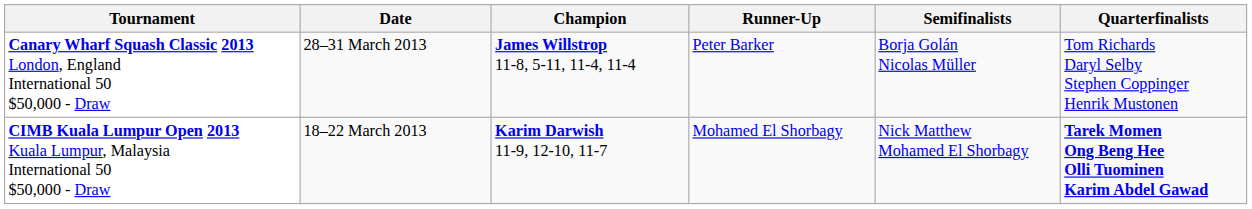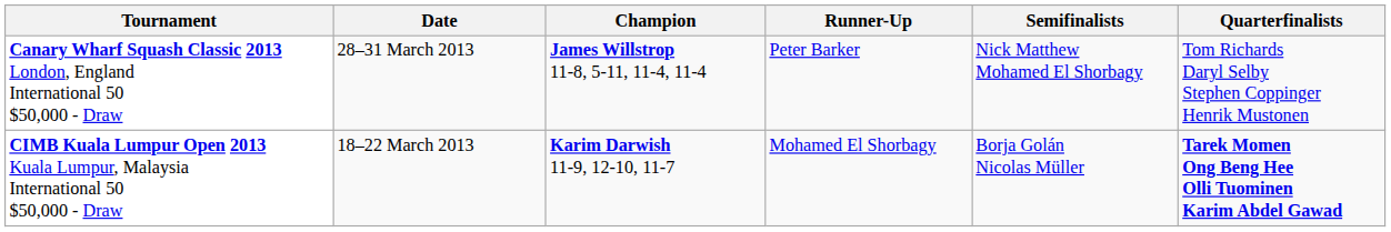 <table class="wikitable" style="font-size:88%">
 <tr>
 <th width=250>Tournament</th>
 <th width=160>Date</th>
 <th width=165>Champion</th>
 <th width=155>Runner-Up</th>
 <th width=155>Semifinalists</th>
 <th width=155>Quarterfinalists</th>
 </tr>
 <tr valign=top>
 <td style="background:#fff;"><strong><a href='#'>Canary Wharf Squash Classic</a> <a href='#'>2013</a></strong><br> <a href='#'>London</a>, England<br>International 50<br>$50,000 - <a href='#'>Draw</a></td>
 <td>28–31 March 2013</td>
 <td> <strong><a href='#'>James Willstrop</a></strong><br>11-8, 5-11, 11-4, 11-4</td>
 <td> <a href='#'>Peter Barker</a></td>
-<td> <a href='#'>Borja Golán</a><br> <a href='#'>Nicolas Müller</a></td>
+<td> <a href='#'>Nick Matthew</a><br> <a href='#'>Mohamed El Shorbagy</a></td>
 <td> <a href='#'>Tom Richards</a><br> <a href='#'>Daryl Selby</a><br> <a href='#'>Stephen Coppinger</a><br> <a href='#'>Henrik Mustonen</a></td>
 </tr>
 <tr valign=top>
 <td style="background:#fff;"><strong><a href='#'>CIMB Kuala Lumpur Open</a> <a href='#'>2013</a></strong><br> <a href='#'>Kuala Lumpur</a>, Malaysia<br>International 50<br>$50,000 - <a href='#'>Draw</a></td>
 <td>18–22 March 2013</td>
 <td> <strong><a href='#'>Karim Darwish</a></strong><br>11-9, 12-10, 11-7</td>
 <td> <a href='#'>Mohamed El Shorbagy</a></td>
-<td> <a href='#'>Nick Matthew</a><br> <a href='#'>Mohamed El Shorbagy</a></td>
+<td> <a href='#'>Borja Golán</a><br> <a href='#'>Nicolas Müller</a></td>
 <td><strong> <a href='#'>Tarek Momen</a><br> <a href='#'>Ong Beng Hee</a><br> <a href='#'>Olli Tuominen</a><br> <a href='#'>Karim Abdel Gawad</a></strong></td>
 </tr>
 </table>
